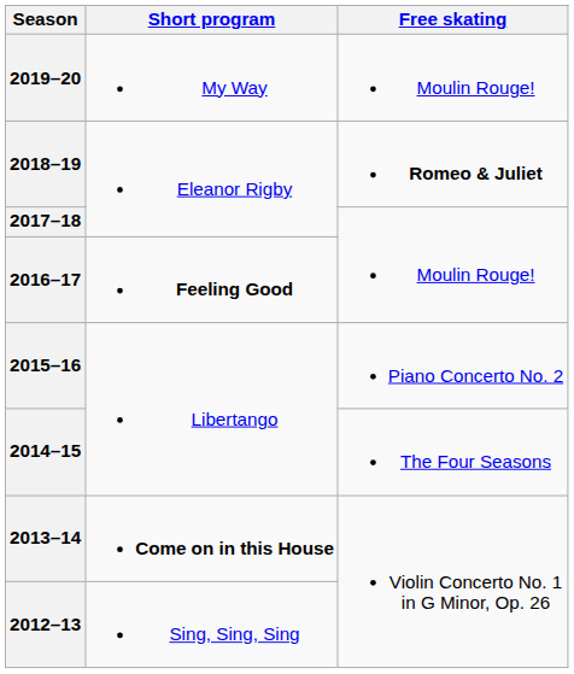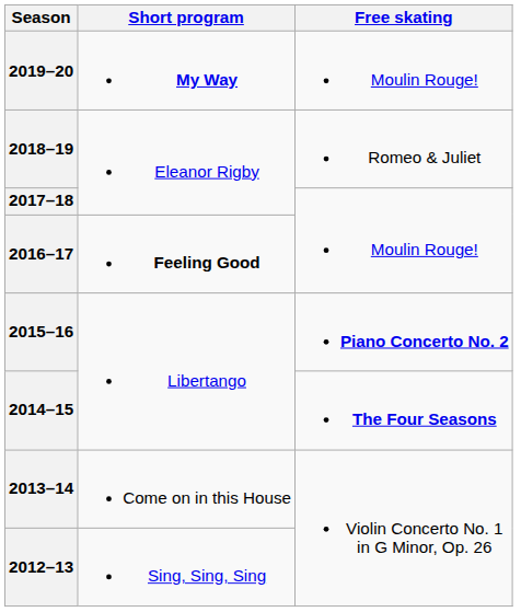 <table class=wikitable style=text-align:center>
 <tr>
 <th>Season</th>
 <th><a href='#'>Short program</a></th>
 <th><a href='#'>Free skating</a></th>
 </tr>
 <tr>
 <th>2019–20<br></th>
-<td><br><ul><li><a href='#'>My Way</a><br></li></ul></td>
+<td><strong><br><ul><li><a href='#'>My Way</a><br></li></ul></strong></td>
 <td><br><ul><li><a href='#'>Moulin Rouge!</a><br></li></ul></td>
 </tr>
 <tr>
 <th>2018–19<br></th>
 <td rowspan=2><br><ul><li><a href='#'>Eleanor Rigby</a> <br></li></ul></td>
-<td><strong><br><ul><li>Romeo & Juliet <br></li></ul></strong></td>
+<td><br><ul><li>Romeo & Juliet <br></li></ul></td>
 </tr>
 <tr>
 <th>2017–18</th>
 <td rowspan=2><br><ul><li><a href='#'>Moulin Rouge!</a><br></li></ul></td>
 </tr>
 <tr>
 <th>2016–17</th>
 <td><strong><br><ul><li>Feeling Good<br></li></ul></strong></td>
 </tr>
 <tr>
 <th>2015–16 <br> </th>
 <td rowspan=2><br><ul><li><a href='#'>Libertango</a> <br></li></ul></td>
-<td><br><ul><li><a href='#'>Piano Concerto No. 2</a> <br></li></ul></td>
+<td><strong><br><ul><li><a href='#'>Piano Concerto No. 2</a> <br></li></ul></strong></td>
 </tr>
 <tr>
 <th>2014–15 <br> </th>
-<td><br><ul><li><a href='#'>The Four Seasons</a> <br></li></ul></td>
+<td><strong><br><ul><li><a href='#'>The Four Seasons</a> <br></li></ul></strong></td>
 </tr>
 <tr>
 <th>2013–14 <br> </th>
-<td><strong><br><ul><li>Come on in this House <br></li></ul></strong></td>
+<td><br><ul><li>Come on in this House <br></li></ul></td>
 <td rowspan=2><br><ul><li>Violin Concerto No. 1 <br>in G Minor, Op. 26 <br></li></ul></td>
 </tr>
 <tr>
 <th>2012–13 <br> </th>
 <td><br><ul><li><a href='#'>Sing, Sing, Sing</a> <br></li></ul></td>
 </tr>
 </table>
